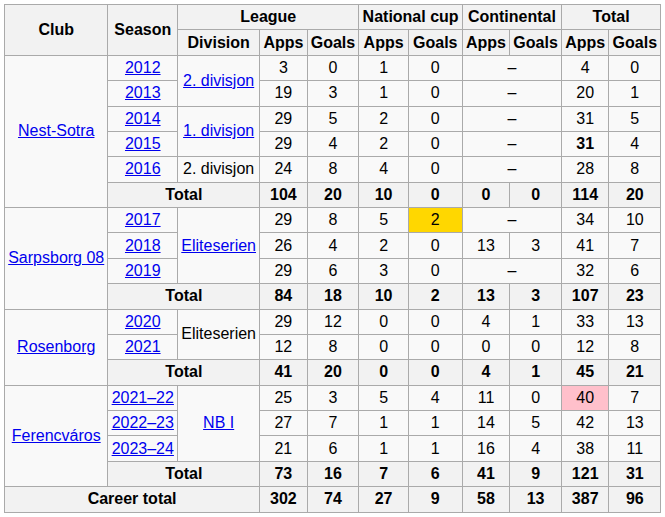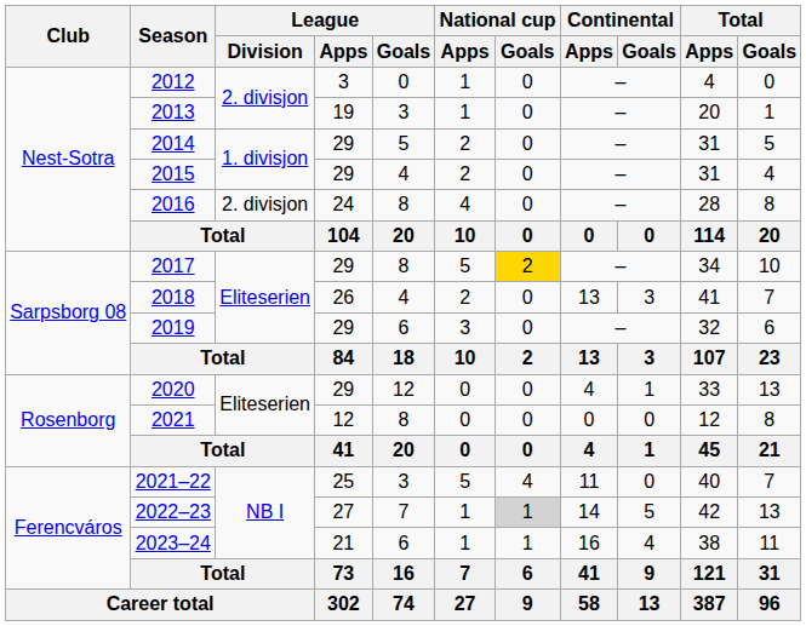 <table class="wikitable" style="text-align:center">
 <tr>
 <th rowspan="2">Club</th>
 <th rowspan="2">Season</th>
 <th colspan="3">League</th>
 <th colspan="2">National cup</th>
 <th colspan="2">Continental</th>
 <th colspan="2">Total</th>
 </tr>
 <tr>
 <th>Division</th>
 <th>Apps</th>
 <th>Goals</th>
 <th>Apps</th>
 <th>Goals</th>
 <th>Apps</th>
 <th>Goals</th>
 <th>Apps</th>
 <th>Goals</th>
 </tr>
 <tr>
 <td rowspan="6"><a href='#'>Nest-Sotra</a></td>
 <td><a href='#'>2012</a></td>
 <td rowspan="2"><a href='#'>2. divisjon</a></td>
 <td>3</td>
 <td>0</td>
 <td>1</td>
 <td>0</td>
 <td colspan="2">–</td>
 <td>4</td>
 <td>0</td>
 </tr>
 <tr>
 <td><a href='#'>2013</a></td>
 <td>19</td>
 <td>3</td>
 <td>1</td>
 <td>0</td>
 <td colspan="2">–</td>
 <td>20</td>
 <td>1</td>
 </tr>
 <tr>
 <td><a href='#'>2014</a></td>
 <td rowspan="2"><a href='#'>1. divisjon</a></td>
 <td>29</td>
 <td>5</td>
 <td>2</td>
 <td>0</td>
 <td colspan="2">–</td>
 <td>31</td>
 <td>5</td>
 </tr>
 <tr>
 <td><a href='#'>2015</a></td>
 <td>29</td>
 <td>4</td>
 <td>2</td>
 <td>0</td>
 <td colspan="2">–</td>
-<td><strong>31</strong></td>
+<td>31</td>
 <td>4</td>
 </tr>
 <tr>
 <td><a href='#'>2016</a></td>
 <td>2. divisjon</td>
 <td>24</td>
 <td>8</td>
 <td>4</td>
 <td>0</td>
 <td colspan="2">–</td>
 <td>28</td>
 <td>8</td>
 </tr>
 <tr>
 <th colspan="2">Total</th>
 <th>104</th>
 <th>20</th>
 <th>10</th>
 <th>0</th>
 <th>0</th>
 <th>0</th>
 <th>114</th>
 <th>20</th>
 </tr>
 <tr>
 <td rowspan="4"><a href='#'>Sarpsborg 08</a></td>
 <td><a href='#'>2017</a></td>
 <td rowspan="3"><a href='#'>Eliteserien</a></td>
 <td>29</td>
 <td>8</td>
 <td>5</td>
 <td style="background: gold;">2</td>
 <td colspan="2">–</td>
 <td>34</td>
 <td>10</td>
 </tr>
 <tr>
 <td><a href='#'>2018</a></td>
 <td>26</td>
 <td>4</td>
 <td>2</td>
 <td>0</td>
 <td>13</td>
 <td>3</td>
 <td>41</td>
 <td>7</td>
 </tr>
 <tr>
 <td><a href='#'>2019</a></td>
 <td>29</td>
 <td>6</td>
 <td>3</td>
 <td>0</td>
 <td colspan="2">–</td>
 <td>32</td>
 <td>6</td>
 </tr>
 <tr>
 <th colspan="2">Total</th>
 <th>84</th>
 <th>18</th>
 <th>10</th>
 <th>2</th>
 <th>13</th>
 <th>3</th>
 <th>107</th>
 <th>23</th>
 </tr>
 <tr>
 <td rowspan="3"><a href='#'>Rosenborg</a></td>
 <td><a href='#'>2020</a></td>
 <td rowspan="2">Eliteserien</td>
 <td>29</td>
 <td>12</td>
 <td>0</td>
 <td>0</td>
 <td>4</td>
 <td>1</td>
 <td>33</td>
 <td>13</td>
 </tr>
 <tr>
 <td><a href='#'>2021</a></td>
 <td>12</td>
 <td>8</td>
 <td>0</td>
 <td>0</td>
 <td>0</td>
 <td>0</td>
 <td>12</td>
 <td>8</td>
 </tr>
 <tr>
 <th colspan="2">Total</th>
 <th>41</th>
 <th>20</th>
 <th>0</th>
 <th>0</th>
 <th>4</th>
 <th>1</th>
 <th>45</th>
 <th>21</th>
 </tr>
 <tr>
 <td rowspan="4"><a href='#'>Ferencváros</a></td>
 <td><a href='#'>2021–22</a></td>
 <td rowspan="3"><a href='#'>NB I</a></td>
 <td>25</td>
 <td>3</td>
 <td>5</td>
 <td>4</td>
 <td>11</td>
 <td>0</td>
-<td style="background: pink;">40</td>
+<td>40</td>
 <td>7</td>
 </tr>
 <tr>
 <td><a href='#'>2022–23</a></td>
 <td>27</td>
 <td>7</td>
 <td>1</td>
-<td>1</td>
+<td style="background: lightgrey;">1</td>
 <td>14</td>
 <td>5</td>
 <td>42</td>
 <td>13</td>
 </tr>
 <tr>
 <td><a href='#'>2023–24</a></td>
 <td>21</td>
 <td>6</td>
 <td>1</td>
 <td>1</td>
 <td>16</td>
 <td>4</td>
 <td>38</td>
 <td>11</td>
 </tr>
 <tr>
 <th colspan="2">Total</th>
 <th>73</th>
 <th>16</th>
 <th>7</th>
 <th>6</th>
 <th>41</th>
 <th>9</th>
 <th>121</th>
 <th>31</th>
 </tr>
 <tr>
 <th colspan="3">Career total</th>
 <th>302</th>
 <th>74</th>
 <th>27</th>
 <th>9</th>
 <th>58</th>
 <th>13</th>
 <th>387</th>
 <th>96</th>
 </tr>
 </table>
